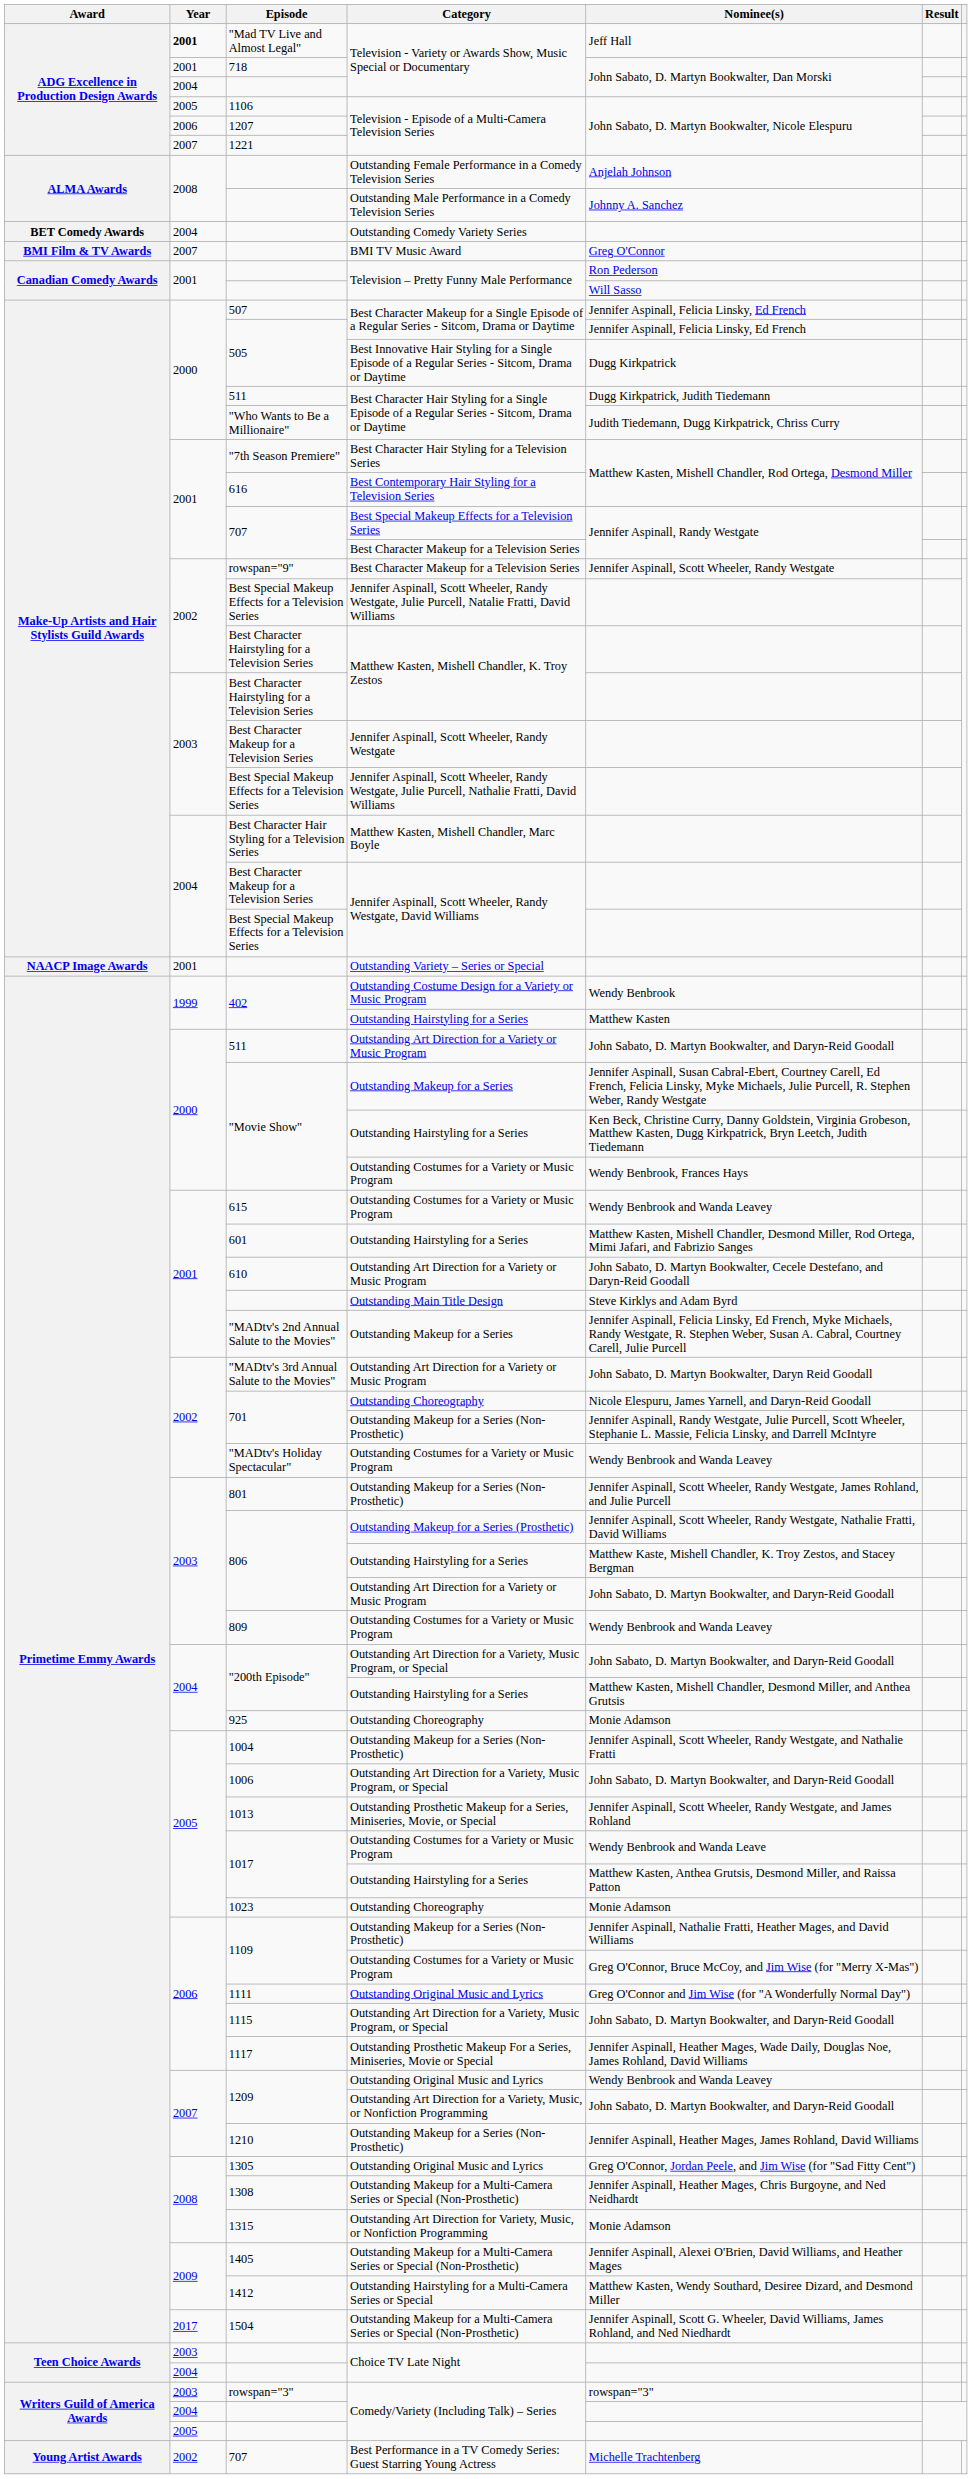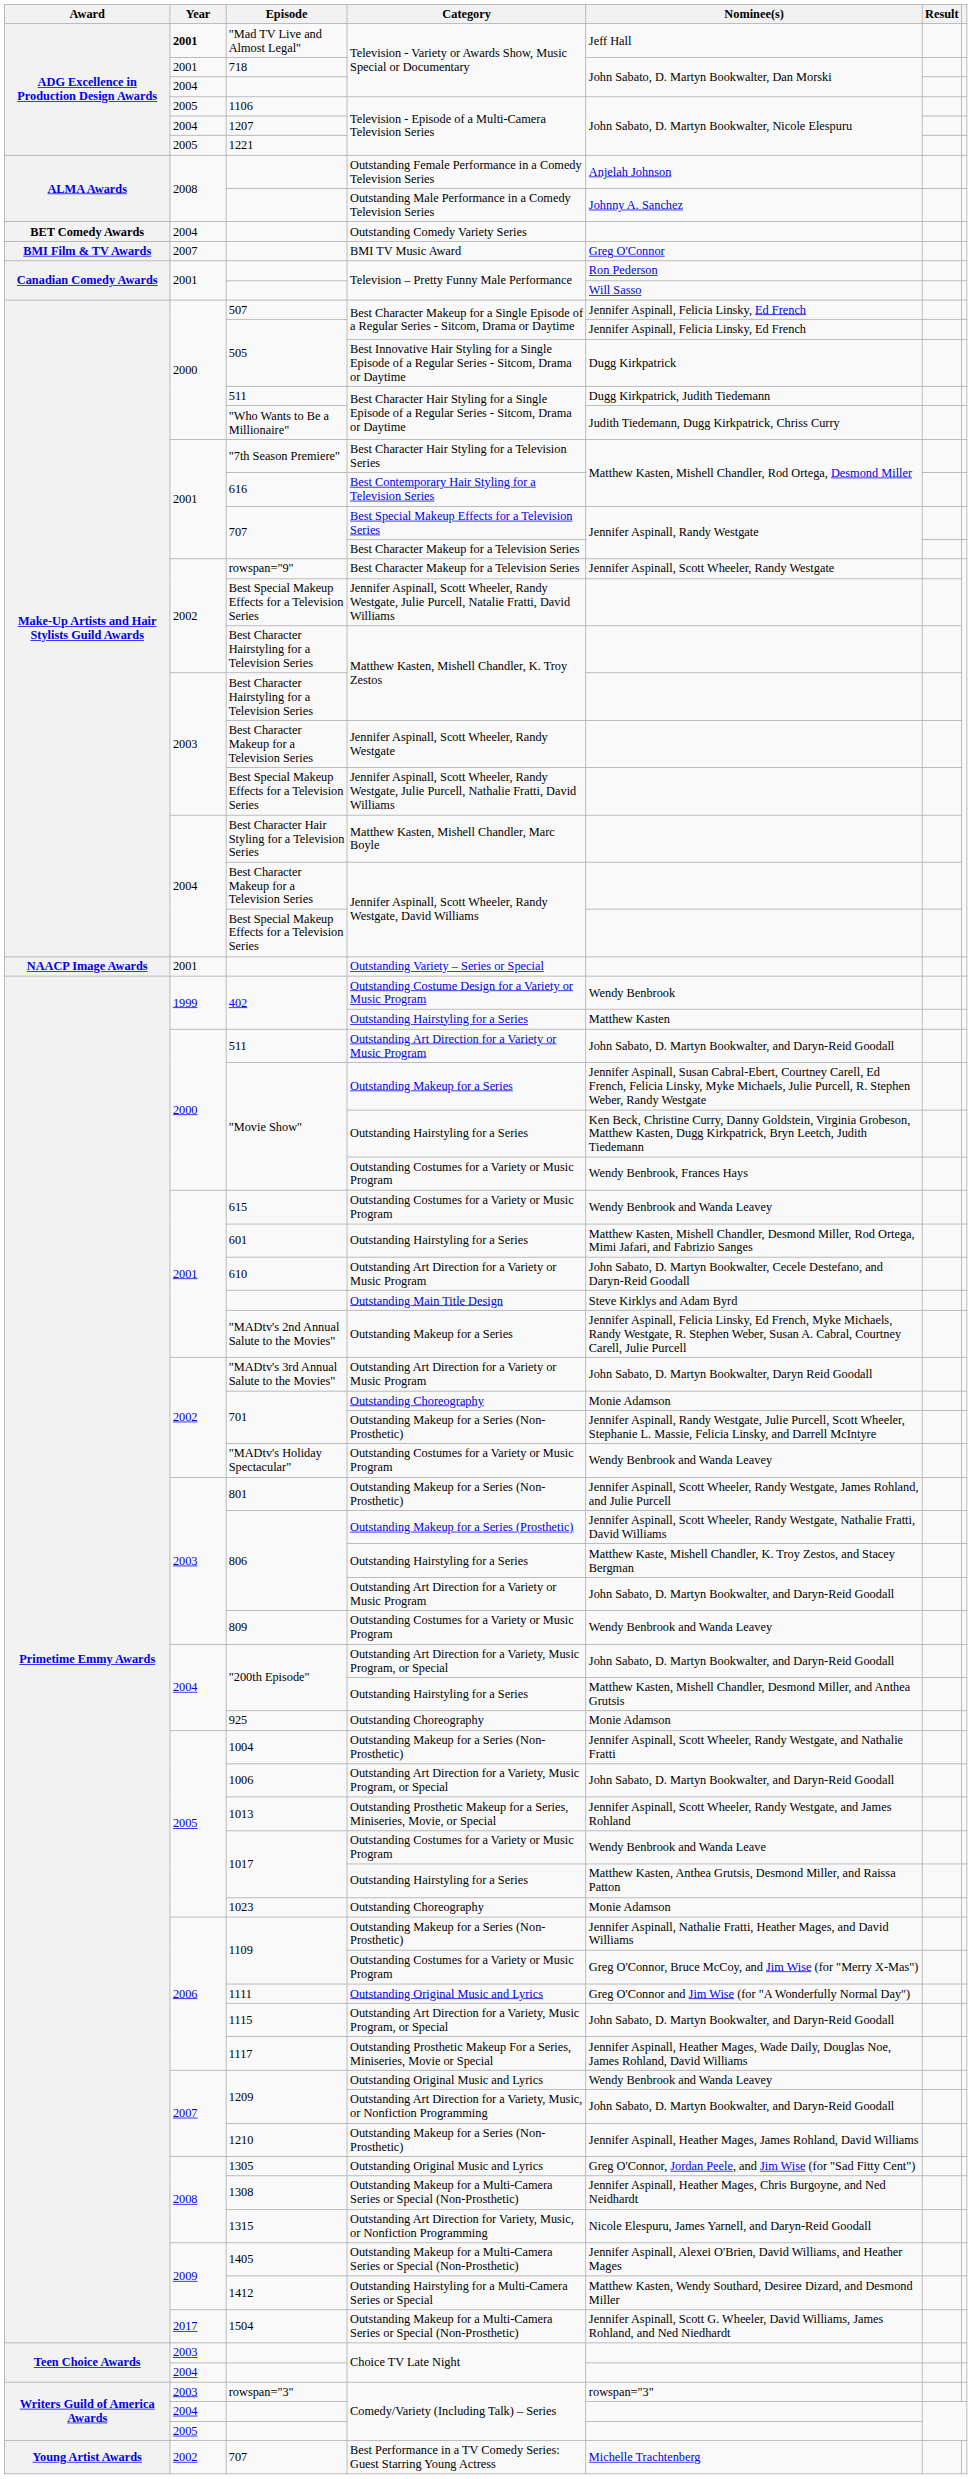 <table class="wikitable sortable plainrowheaders" style="width:99%;">
 <tr>
 <th scope="col" style="width:18%;">Award</th>
 <th scope="col" style="width:6%;">Year</th>
 <th scope="col" style="width:13%;">Episode</th>
 <th scope="col" style="width:26%;">Category</th>
 <th scope="col" style="width:37%;">Nominee(s)</th>
 <th scope="col" style="width:8%;">Result</th>
 <th scope="col" style="width:4%;" class="unsortable"></th>
 </tr>
 <tr>
 <th scope="row" rowspan="6"><a href='#'>ADG Excellence in Production Design Awards</a></th>
 <td><strong>2001</strong></td>
 <td>"Mad TV Live and Almost Legal"</td>
 <td rowspan="3">Television - Variety or Awards Show, Music Special or Documentary</td>
 <td>Jeff Hall</td>
 <td></td>
 <td></td>
 </tr>
 <tr>
 <td>2001</td>
 <td>718</td>
 <td rowspan="2">John Sabato, D. Martyn Bookwalter, Dan Morski</td>
 <td></td>
 <td></td>
 </tr>
 <tr>
 <td>2004</td>
 <td></td>
 <td></td>
 <td></td>
 </tr>
 <tr>
 <td>2005</td>
 <td>1106</td>
 <td rowspan="3">Television - Episode of a Multi-Camera Television Series</td>
 <td rowspan="3">John Sabato, D. Martyn Bookwalter, Nicole Elespuru</td>
 <td></td>
 <td></td>
 </tr>
 <tr>
-<td>2006</td>
+<td>2004</td>
 <td>1207</td>
 <td></td>
 <td></td>
 </tr>
 <tr>
-<td>2007</td>
+<td>2005</td>
 <td>1221</td>
 <td></td>
 <td></td>
 </tr>
 <tr>
 <th scope="row" rowspan="2"><a href='#'>ALMA Awards</a></th>
 <td rowspan="2">2008</td>
 <td></td>
 <td>Outstanding Female Performance in a Comedy Television Series</td>
 <td><a href='#'>Anjelah Johnson</a></td>
 <td></td>
 <td></td>
 </tr>
 <tr>
 <td></td>
 <td>Outstanding Male Performance in a Comedy Television Series</td>
 <td><a href='#'>Johnny A. Sanchez</a></td>
 <td></td>
 <td></td>
 </tr>
 <tr>
 <th scope="row">BET Comedy Awards</th>
 <td>2004</td>
 <td></td>
 <td>Outstanding Comedy Variety Series</td>
 <td></td>
 <td></td>
 <td></td>
 </tr>
 <tr>
 <th scope="row"><a href='#'>BMI Film & TV Awards</a></th>
 <td>2007</td>
 <td></td>
 <td>BMI TV Music Award</td>
 <td><a href='#'>Greg O'Connor</a></td>
 <td></td>
 <td></td>
 </tr>
 <tr>
 <th scope="row" rowspan="2"><a href='#'>Canadian Comedy Awards</a></th>
 <td rowspan="2">2001</td>
 <td></td>
 <td rowspan="2">Television – Pretty Funny Male Performance</td>
 <td><a href='#'>Ron Pederson</a></td>
 <td></td>
 <td></td>
 </tr>
 <tr>
 <td></td>
 <td><a href='#'>Will Sasso</a></td>
 <td></td>
 <td></td>
 </tr>
 <tr>
 <th scope="row" rowspan="18"><a href='#'>Make-Up Artists and Hair Stylists Guild Awards</a></th>
 <td rowspan="5">2000</td>
 <td>507</td>
 <td rowspan="2">Best Character Makeup for a Single Episode of a Regular Series - Sitcom, Drama or Daytime</td>
 <td>Jennifer Aspinall, Felicia Linsky, <a href='#'>Ed French</a></td>
 <td></td>
 <td></td>
 </tr>
 <tr>
 <td rowspan="2">505</td>
 <td>Jennifer Aspinall, Felicia Linsky, Ed French</td>
 <td></td>
 <td></td>
 </tr>
 <tr>
 <td>Best Innovative Hair Styling for a Single Episode of a Regular Series - Sitcom, Drama or Daytime</td>
 <td>Dugg Kirkpatrick</td>
 <td></td>
 <td></td>
 </tr>
 <tr>
 <td>511</td>
 <td rowspan="2">Best Character Hair Styling for a Single Episode of a Regular Series - Sitcom, Drama or Daytime</td>
 <td>Dugg Kirkpatrick, Judith Tiedemann</td>
 <td></td>
 <td></td>
 </tr>
 <tr>
 <td>"Who Wants to Be a Millionaire"</td>
 <td>Judith Tiedemann, Dugg Kirkpatrick, Chriss Curry</td>
 <td></td>
 <td></td>
 </tr>
 <tr>
 <td rowspan="4">2001</td>
 <td>"7th Season Premiere"</td>
 <td>Best Character Hair Styling for a Television Series</td>
 <td rowspan="2">Matthew Kasten, Mishell Chandler, Rod Ortega, <a href='#'>Desmond Miller</a></td>
 <td></td>
 <td></td>
 </tr>
 <tr>
 <td>616</td>
 <td><a href='#'>Best Contemporary Hair Styling for a Television Series</a></td>
 <td></td>
 <td></td>
 </tr>
 <tr>
 <td rowspan="2">707</td>
 <td><a href='#'>Best Special Makeup Effects for a Television Series</a></td>
 <td rowspan="2">Jennifer Aspinall, Randy Westgate</td>
 <td></td>
 <td></td>
 </tr>
 <tr>
 <td>Best Character Makeup for a Television Series</td>
 <td></td>
 <td></td>
 </tr>
 <tr>
 <td rowspan="3">2002</td>
 <td>rowspan="9" </td>
 <td>Best Character Makeup for a Television Series</td>
 <td>Jennifer Aspinall, Scott Wheeler, Randy Westgate</td>
 <td></td>
 </tr>
 <tr>
 <td>Best Special Makeup Effects for a Television Series</td>
 <td>Jennifer Aspinall, Scott Wheeler, Randy Westgate, Julie Purcell, Natalie Fratti, David Williams</td>
 <td></td>
 <td></td>
 </tr>
 <tr>
 <td>Best Character Hairstyling for a Television Series</td>
 <td rowspan="2">Matthew Kasten, Mishell Chandler, K. Troy Zestos</td>
 <td></td>
 <td></td>
 </tr>
 <tr>
 <td rowspan="3">2003</td>
 <td>Best Character Hairstyling for a Television Series</td>
 <td></td>
 <td></td>
 </tr>
 <tr>
 <td>Best Character Makeup for a Television Series</td>
 <td>Jennifer Aspinall, Scott Wheeler, Randy Westgate</td>
 <td></td>
 <td></td>
 </tr>
 <tr>
 <td>Best Special Makeup Effects for a Television Series</td>
 <td>Jennifer Aspinall, Scott Wheeler, Randy Westgate, Julie Purcell, Nathalie Fratti, David Williams</td>
 <td></td>
 <td></td>
 </tr>
 <tr>
 <td rowspan="3">2004</td>
 <td>Best Character Hair Styling for a Television Series</td>
 <td>Matthew Kasten, Mishell Chandler, Marc Boyle</td>
 <td></td>
 <td></td>
 </tr>
 <tr>
 <td>Best Character Makeup for a Television Series</td>
 <td rowspan="2">Jennifer Aspinall, Scott Wheeler, Randy Westgate, David Williams</td>
 <td></td>
 <td></td>
 </tr>
 <tr>
 <td>Best Special Makeup Effects for a Television Series</td>
 <td></td>
 <td></td>
 </tr>
 <tr>
 <th scope="row"><a href='#'>NAACP Image Awards</a></th>
 <td>2001</td>
 <td></td>
 <td><a href='#'>Outstanding Variety – Series or Special</a></td>
 <td></td>
 <td></td>
 <td></td>
 </tr>
 <tr>
 <th scope="row" rowspan="43"><a href='#'>Primetime Emmy Awards</a></th>
 <td rowspan="2"><a href='#'>1999</a></td>
 <td rowspan="2"><a href='#'>402</a></td>
 <td><a href='#'>Outstanding Costume Design for a Variety or Music Program</a></td>
 <td>Wendy Benbrook</td>
 <td></td>
 <td></td>
 </tr>
 <tr>
 <td><a href='#'>Outstanding Hairstyling for a Series</a></td>
 <td>Matthew Kasten</td>
 <td></td>
 <td></td>
 </tr>
 <tr>
 <td rowspan="4"><a href='#'>2000</a></td>
 <td>511</td>
 <td><a href='#'>Outstanding Art Direction for a Variety or Music Program</a></td>
 <td>John Sabato, D. Martyn Bookwalter, and Daryn-Reid Goodall</td>
 <td></td>
 <td></td>
 </tr>
 <tr>
 <td rowspan="3">"Movie Show"</td>
 <td><a href='#'>Outstanding Makeup for a Series</a></td>
 <td>Jennifer Aspinall, Susan Cabral-Ebert, Courtney Carell, Ed French, Felicia Linsky, Myke Michaels, Julie Purcell, R. Stephen Weber, Randy Westgate</td>
 <td></td>
 <td></td>
 </tr>
 <tr>
 <td>Outstanding Hairstyling for a Series</td>
 <td>Ken Beck, Christine Curry, Danny Goldstein, Virginia Grobeson, Matthew Kasten, Dugg Kirkpatrick, Bryn Leetch, Judith Tiedemann</td>
 <td></td>
 <td></td>
 </tr>
 <tr>
 <td>Outstanding Costumes for a Variety or Music Program</td>
 <td>Wendy Benbrook, Frances Hays</td>
 <td></td>
 <td></td>
 </tr>
 <tr>
 <td rowspan="5"><a href='#'>2001</a></td>
 <td>615</td>
 <td>Outstanding Costumes for a Variety or Music Program</td>
 <td>Wendy Benbrook and Wanda Leavey</td>
 <td></td>
 <td></td>
 </tr>
 <tr>
 <td>601</td>
 <td>Outstanding Hairstyling for a Series</td>
 <td>Matthew Kasten, Mishell Chandler, Desmond Miller, Rod Ortega, Mimi Jafari, and Fabrizio Sanges</td>
 <td></td>
 </tr>
 <tr>
 <td>610</td>
 <td>Outstanding Art Direction for a Variety or Music Program</td>
 <td>John Sabato, D. Martyn Bookwalter, Cecele Destefano, and Daryn-Reid Goodall</td>
 <td></td>
 <td></td>
 </tr>
 <tr>
 <td></td>
 <td><a href='#'>Outstanding Main Title Design</a></td>
 <td>Steve Kirklys and Adam Byrd</td>
 <td></td>
 <td></td>
 </tr>
 <tr>
 <td>"MADtv's 2nd Annual Salute to the Movies"</td>
 <td>Outstanding Makeup for a Series</td>
 <td>Jennifer Aspinall, Felicia Linsky, Ed French, Myke Michaels, Randy Westgate, R. Stephen Weber, Susan A. Cabral, Courtney Carell, Julie Purcell</td>
 <td></td>
 <td></td>
 </tr>
 <tr>
 <td rowspan="4"><a href='#'>2002</a></td>
 <td>"MADtv's 3rd Annual Salute to the Movies"</td>
 <td>Outstanding Art Direction for a Variety or Music Program</td>
 <td>John Sabato, D. Martyn Bookwalter, Daryn Reid Goodall</td>
 <td></td>
 <td></td>
 </tr>
 <tr>
 <td rowspan="2">701</td>
 <td><a href='#'>Outstanding Choreography</a></td>
-<td>Nicole Elespuru, James Yarnell, and Daryn-Reid Goodall</td>
+<td>Monie Adamson</td>
 <td></td>
 <td></td>
 </tr>
 <tr>
 <td>Outstanding Makeup for a Series (Non-Prosthetic)</td>
 <td>Jennifer Aspinall, Randy Westgate, Julie Purcell, Scott Wheeler, Stephanie L. Massie, Felicia Linsky, and Darrell McIntyre</td>
 <td></td>
 </tr>
 <tr>
 <td>"MADtv's Holiday Spectacular"</td>
 <td>Outstanding Costumes for a Variety or Music Program</td>
 <td>Wendy Benbrook and Wanda Leavey</td>
 <td></td>
 <td></td>
 </tr>
 <tr>
 <td rowspan="5"><a href='#'>2003</a></td>
 <td>801</td>
 <td>Outstanding Makeup for a Series (Non-Prosthetic)</td>
 <td>Jennifer Aspinall, Scott Wheeler, Randy Westgate, James Rohland, and Julie Purcell</td>
 <td></td>
 <td></td>
 </tr>
 <tr>
 <td rowspan="3">806</td>
 <td><a href='#'>Outstanding Makeup for a Series (Prosthetic)</a></td>
 <td>Jennifer Aspinall, Scott Wheeler, Randy Westgate, Nathalie Fratti, David Williams</td>
 <td></td>
 <td></td>
 </tr>
 <tr>
 <td>Outstanding Hairstyling for a Series</td>
 <td>Matthew Kaste, Mishell Chandler, K. Troy Zestos, and Stacey Bergman</td>
 <td></td>
 <td></td>
 </tr>
 <tr>
 <td>Outstanding Art Direction for a Variety or Music Program</td>
 <td>John Sabato, D. Martyn Bookwalter, and Daryn-Reid Goodall</td>
 <td></td>
 <td></td>
 </tr>
 <tr>
 <td>809</td>
 <td>Outstanding Costumes for a Variety or Music Program</td>
 <td>Wendy Benbrook and Wanda Leavey</td>
 <td></td>
 <td></td>
 </tr>
 <tr>
 <td rowspan="3"><a href='#'>2004</a></td>
 <td rowspan="2">"200th Episode"</td>
 <td>Outstanding Art Direction for a Variety, Music Program, or Special</td>
 <td>John Sabato, D. Martyn Bookwalter, and Daryn-Reid Goodall</td>
 <td></td>
 </tr>
 <tr>
 <td>Outstanding Hairstyling for a Series</td>
 <td>Matthew Kasten, Mishell Chandler, Desmond Miller, and Anthea Grutsis</td>
 <td></td>
 <td></td>
 </tr>
 <tr>
 <td>925</td>
 <td>Outstanding Choreography</td>
 <td>Monie Adamson</td>
 <td></td>
 <td></td>
 </tr>
 <tr>
 <td rowspan="6"><a href='#'>2005</a></td>
 <td>1004</td>
 <td>Outstanding Makeup for a Series (Non-Prosthetic)</td>
 <td>Jennifer Aspinall, Scott Wheeler, Randy Westgate, and Nathalie Fratti</td>
 <td></td>
 <td></td>
 </tr>
 <tr>
 <td>1006</td>
 <td>Outstanding Art Direction for a Variety, Music Program, or Special</td>
 <td>John Sabato, D. Martyn Bookwalter, and Daryn-Reid Goodall</td>
 <td></td>
 <td></td>
 </tr>
 <tr>
 <td>1013</td>
 <td>Outstanding Prosthetic Makeup for a Series, Miniseries, Movie, or Special</td>
 <td>Jennifer Aspinall, Scott Wheeler, Randy Westgate, and James Rohland</td>
 <td></td>
 <td></td>
 </tr>
 <tr>
 <td rowspan="2">1017</td>
 <td>Outstanding Costumes for a Variety or Music Program</td>
 <td>Wendy Benbrook and Wanda Leave</td>
 <td></td>
 <td></td>
 </tr>
 <tr>
 <td>Outstanding Hairstyling for a Series</td>
 <td>Matthew Kasten, Anthea Grutsis, Desmond Miller, and Raissa Patton</td>
 <td></td>
 <td></td>
 </tr>
 <tr>
 <td>1023</td>
 <td>Outstanding Choreography</td>
 <td>Monie Adamson</td>
 <td></td>
 <td></td>
 </tr>
 <tr>
 <td rowspan="5"><a href='#'>2006</a></td>
 <td rowspan="2">1109</td>
 <td>Outstanding Makeup for a Series (Non-Prosthetic)</td>
 <td>Jennifer Aspinall, Nathalie Fratti, Heather Mages, and David Williams</td>
 <td></td>
 <td></td>
 </tr>
 <tr>
 <td>Outstanding Costumes for a Variety or Music Program</td>
 <td>Greg O'Connor, Bruce McCoy, and <a href='#'>Jim Wise</a> (for "Merry X-Mas")</td>
 <td></td>
 <td></td>
 </tr>
 <tr>
 <td>1111</td>
 <td><a href='#'>Outstanding Original Music and Lyrics</a></td>
 <td>Greg O'Connor and <a href='#'>Jim Wise</a> (for "A Wonderfully Normal Day")</td>
 <td></td>
 <td></td>
 </tr>
 <tr>
 <td>1115</td>
 <td>Outstanding Art Direction for a Variety, Music Program, or Special</td>
 <td>John Sabato, D. Martyn Bookwalter, and Daryn-Reid Goodall</td>
 <td></td>
 <td></td>
 </tr>
 <tr>
 <td>1117</td>
 <td>Outstanding Prosthetic Makeup For a Series, Miniseries, Movie or Special</td>
 <td>Jennifer Aspinall, Heather Mages, Wade Daily, Douglas Noe, James Rohland, David Williams</td>
 <td></td>
 <td></td>
 </tr>
 <tr>
 <td rowspan="3"><a href='#'>2007</a></td>
 <td rowspan="2">1209</td>
 <td>Outstanding Original Music and Lyrics</td>
 <td>Wendy Benbrook and Wanda Leavey</td>
 <td></td>
 <td></td>
 </tr>
 <tr>
 <td>Outstanding Art Direction for a Variety, Music, or Nonfiction Programming</td>
 <td>John Sabato, D. Martyn Bookwalter, and Daryn-Reid Goodall</td>
 <td></td>
 <td></td>
 </tr>
 <tr>
 <td>1210</td>
 <td>Outstanding Makeup for a Series (Non-Prosthetic)</td>
 <td>Jennifer Aspinall, Heather Mages, James Rohland, David Williams</td>
 <td></td>
 <td></td>
 </tr>
 <tr>
 <td rowspan="3"><a href='#'>2008</a></td>
 <td>1305</td>
 <td>Outstanding Original Music and Lyrics</td>
 <td>Greg O'Connor, <a href='#'>Jordan Peele</a>, and <a href='#'>Jim Wise</a> (for "Sad Fitty Cent")</td>
 <td></td>
 <td></td>
 </tr>
 <tr>
 <td>1308</td>
 <td>Outstanding Makeup for a Multi-Camera Series or Special (Non-Prosthetic)</td>
 <td>Jennifer Aspinall, Heather Mages, Chris Burgoyne, and Ned Neidhardt</td>
 <td></td>
 <td></td>
 </tr>
 <tr>
 <td>1315</td>
 <td>Outstanding Art Direction for Variety, Music, or Nonfiction Programming</td>
-<td>Monie Adamson</td>
+<td>Nicole Elespuru, James Yarnell, and Daryn-Reid Goodall</td>
 <td></td>
 <td></td>
 </tr>
 <tr>
 <td rowspan="2"><a href='#'>2009</a></td>
 <td>1405</td>
 <td>Outstanding Makeup for a Multi-Camera Series or Special (Non-Prosthetic)</td>
 <td>Jennifer Aspinall, Alexei O'Brien, David Williams, and Heather Mages</td>
 <td></td>
 <td></td>
 </tr>
 <tr>
 <td>1412</td>
 <td>Outstanding Hairstyling for a Multi-Camera Series or Special</td>
 <td>Matthew Kasten, Wendy Southard, Desiree Dizard, and Desmond Miller</td>
 <td></td>
 <td></td>
 </tr>
 <tr>
 <td><a href='#'>2017</a></td>
 <td>1504</td>
 <td>Outstanding Makeup for a Multi-Camera Series or Special (Non-Prosthetic)</td>
 <td>Jennifer Aspinall, Scott G. Wheeler, David Williams, James Rohland, and Ned Niedhardt</td>
 <td></td>
 <td></td>
 </tr>
 <tr>
 <th scope="row" rowspan="2"><a href='#'>Teen Choice Awards</a></th>
 <td><a href='#'>2003</a></td>
 <td></td>
 <td rowspan="2">Choice TV Late Night</td>
 <td></td>
 <td></td>
 <td></td>
 </tr>
 <tr>
 <td><a href='#'>2004</a></td>
 <td></td>
 <td></td>
 <td></td>
 <td></td>
 </tr>
 <tr>
 <th scope="row" rowspan="3"><a href='#'>Writers Guild of America Awards</a></th>
 <td><a href='#'>2003</a></td>
 <td>rowspan="3" </td>
 <td rowspan="3">Comedy/Variety (Including Talk) – Series</td>
 <td>rowspan="3" </td>
 <td></td>
 <td></td>
 </tr>
 <tr>
 <td><a href='#'>2004</a></td>
 <td></td>
 <td></td>
 </tr>
 <tr>
 <td><a href='#'>2005</a></td>
 <td></td>
 <td></td>
 </tr>
 <tr>
 <th scope="row"><a href='#'>Young Artist Awards</a></th>
 <td><a href='#'>2002</a></td>
 <td>707</td>
 <td>Best Performance in a TV Comedy Series: Guest Starring Young Actress</td>
 <td><a href='#'>Michelle Trachtenberg</a></td>
 <td></td>
 <td></td>
 </tr>
 </table>
